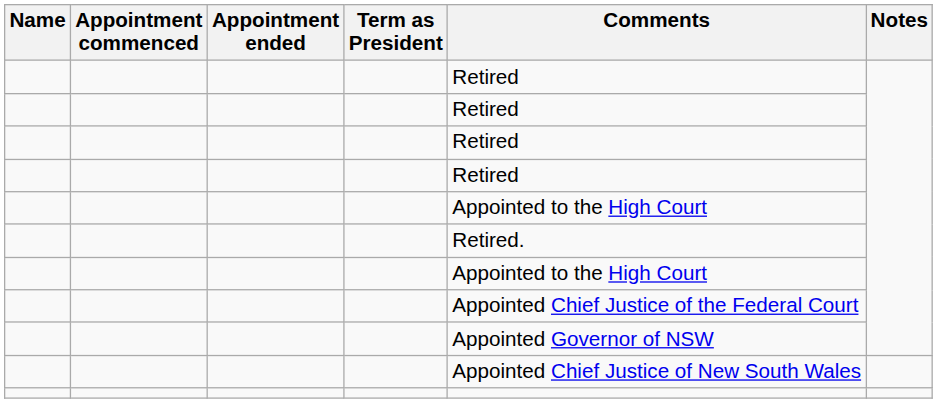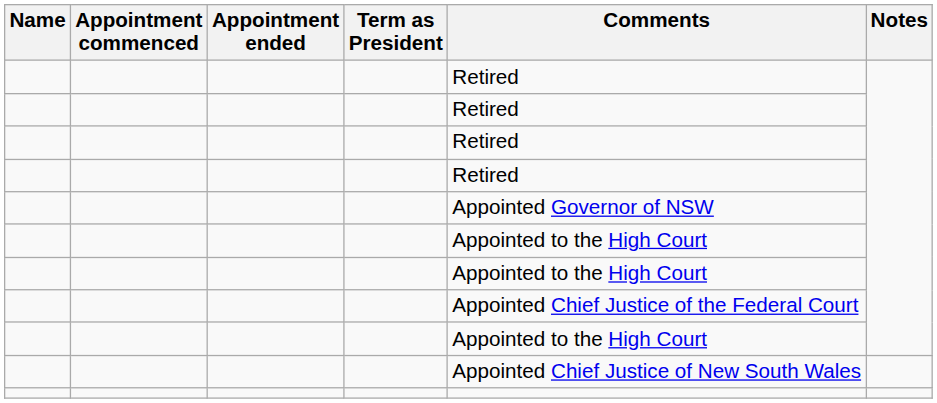 <table class="wikitable sortable" border="1">
 <tr valign="top">
 <th>Name</th>
 <th>Appointment<br>commenced</th>
 <th>Appointment<br>ended</th>
 <th>Term as<br>President</th>
 <th class="unsortable">Comments</th>
 <th class="unsortable">Notes</th>
 </tr>
 <tr>
 <td></td>
 <td align=center></td>
 <td align=center></td>
 <td align=right></td>
 <td>Retired</td>
 </tr>
 <tr>
 <td></td>
 <td align=center></td>
 <td align=center></td>
 <td align=right></td>
 <td>Retired</td>
 </tr>
 <tr>
 <td> </td>
 <td align=center></td>
 <td align=center></td>
 <td align=right></td>
 <td>Retired</td>
 </tr>
 <tr>
 <td> </td>
 <td align=center></td>
 <td align=center></td>
 <td align=right></td>
 <td>Retired</td>
 </tr>
 <tr>
 <td> </td>
 <td align=center></td>
 <td align=center></td>
 <td align=right></td>
-<td>Appointed to the <a href='#'>High Court</a></td>
+<td>Appointed <a href='#'>Governor of NSW</a></td>
 </tr>
 <tr>
 <td> </td>
 <td align=center></td>
 <td align=center></td>
 <td align=right></td>
-<td>Retired.</td>
+<td>Appointed to the <a href='#'>High Court</a></td>
 </tr>
 <tr>
 <td> </td>
 <td align=center></td>
 <td align=center></td>
 <td align=right></td>
 <td>Appointed to the <a href='#'>High Court</a></td>
 </tr>
 <tr>
 <td> </td>
 <td align=center></td>
 <td align=center></td>
 <td align=right></td>
 <td>Appointed <a href='#'>Chief Justice of the Federal Court</a></td>
 </tr>
 <tr>
 <td> </td>
 <td align=center></td>
 <td align=center></td>
 <td align=right></td>
-<td>Appointed <a href='#'>Governor of NSW</a></td>
+<td>Appointed to the <a href='#'>High Court</a></td>
 </tr>
 <tr>
 <td></td>
 <td align=center></td>
 <td align=center></td>
 <td align=right></td>
 <td>Appointed <a href='#'>Chief Justice of New South Wales</a></td>
 <td></td>
 </tr>
 <tr>
 <td></td>
 <td align=center></td>
 <td></td>
 <td align=right></td>
 <td></td>
 <td></td>
 </tr>
 </table>
